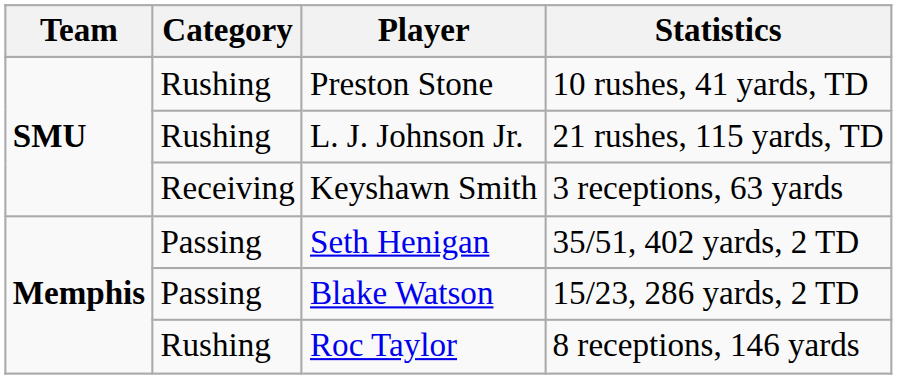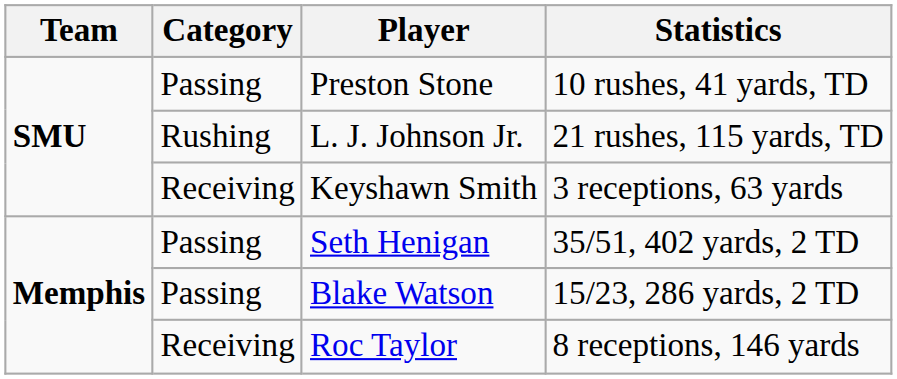 <table class="wikitable" style="float: right;">
 <tr>
 <th>Team</th>
 <th>Category</th>
 <th>Player</th>
 <th>Statistics</th>
 </tr>
 <tr>
 <td rowspan=3><strong>SMU</strong></td>
-<td>Rushing</td>
+<td>Passing</td>
 <td>Preston Stone</td>
 <td>10 rushes, 41 yards, TD</td>
 </tr>
 <tr>
 <td>Rushing</td>
 <td>L. J. Johnson Jr.</td>
 <td>21 rushes, 115 yards, TD</td>
 </tr>
 <tr>
 <td>Receiving</td>
 <td>Keyshawn Smith</td>
 <td>3 receptions, 63 yards</td>
 </tr>
 <tr>
 <td rowspan=3><strong>Memphis</strong></td>
 <td>Passing</td>
 <td><a href='#'>Seth Henigan</a></td>
 <td>35/51, 402 yards, 2 TD</td>
 </tr>
 <tr>
 <td>Passing</td>
 <td><a href='#'>Blake Watson</a></td>
 <td>15/23, 286 yards, 2 TD</td>
 </tr>
 <tr>
-<td>Rushing</td>
+<td>Receiving</td>
 <td><a href='#'>Roc Taylor</a></td>
 <td>8 receptions, 146 yards</td>
 </tr>
 </table>
